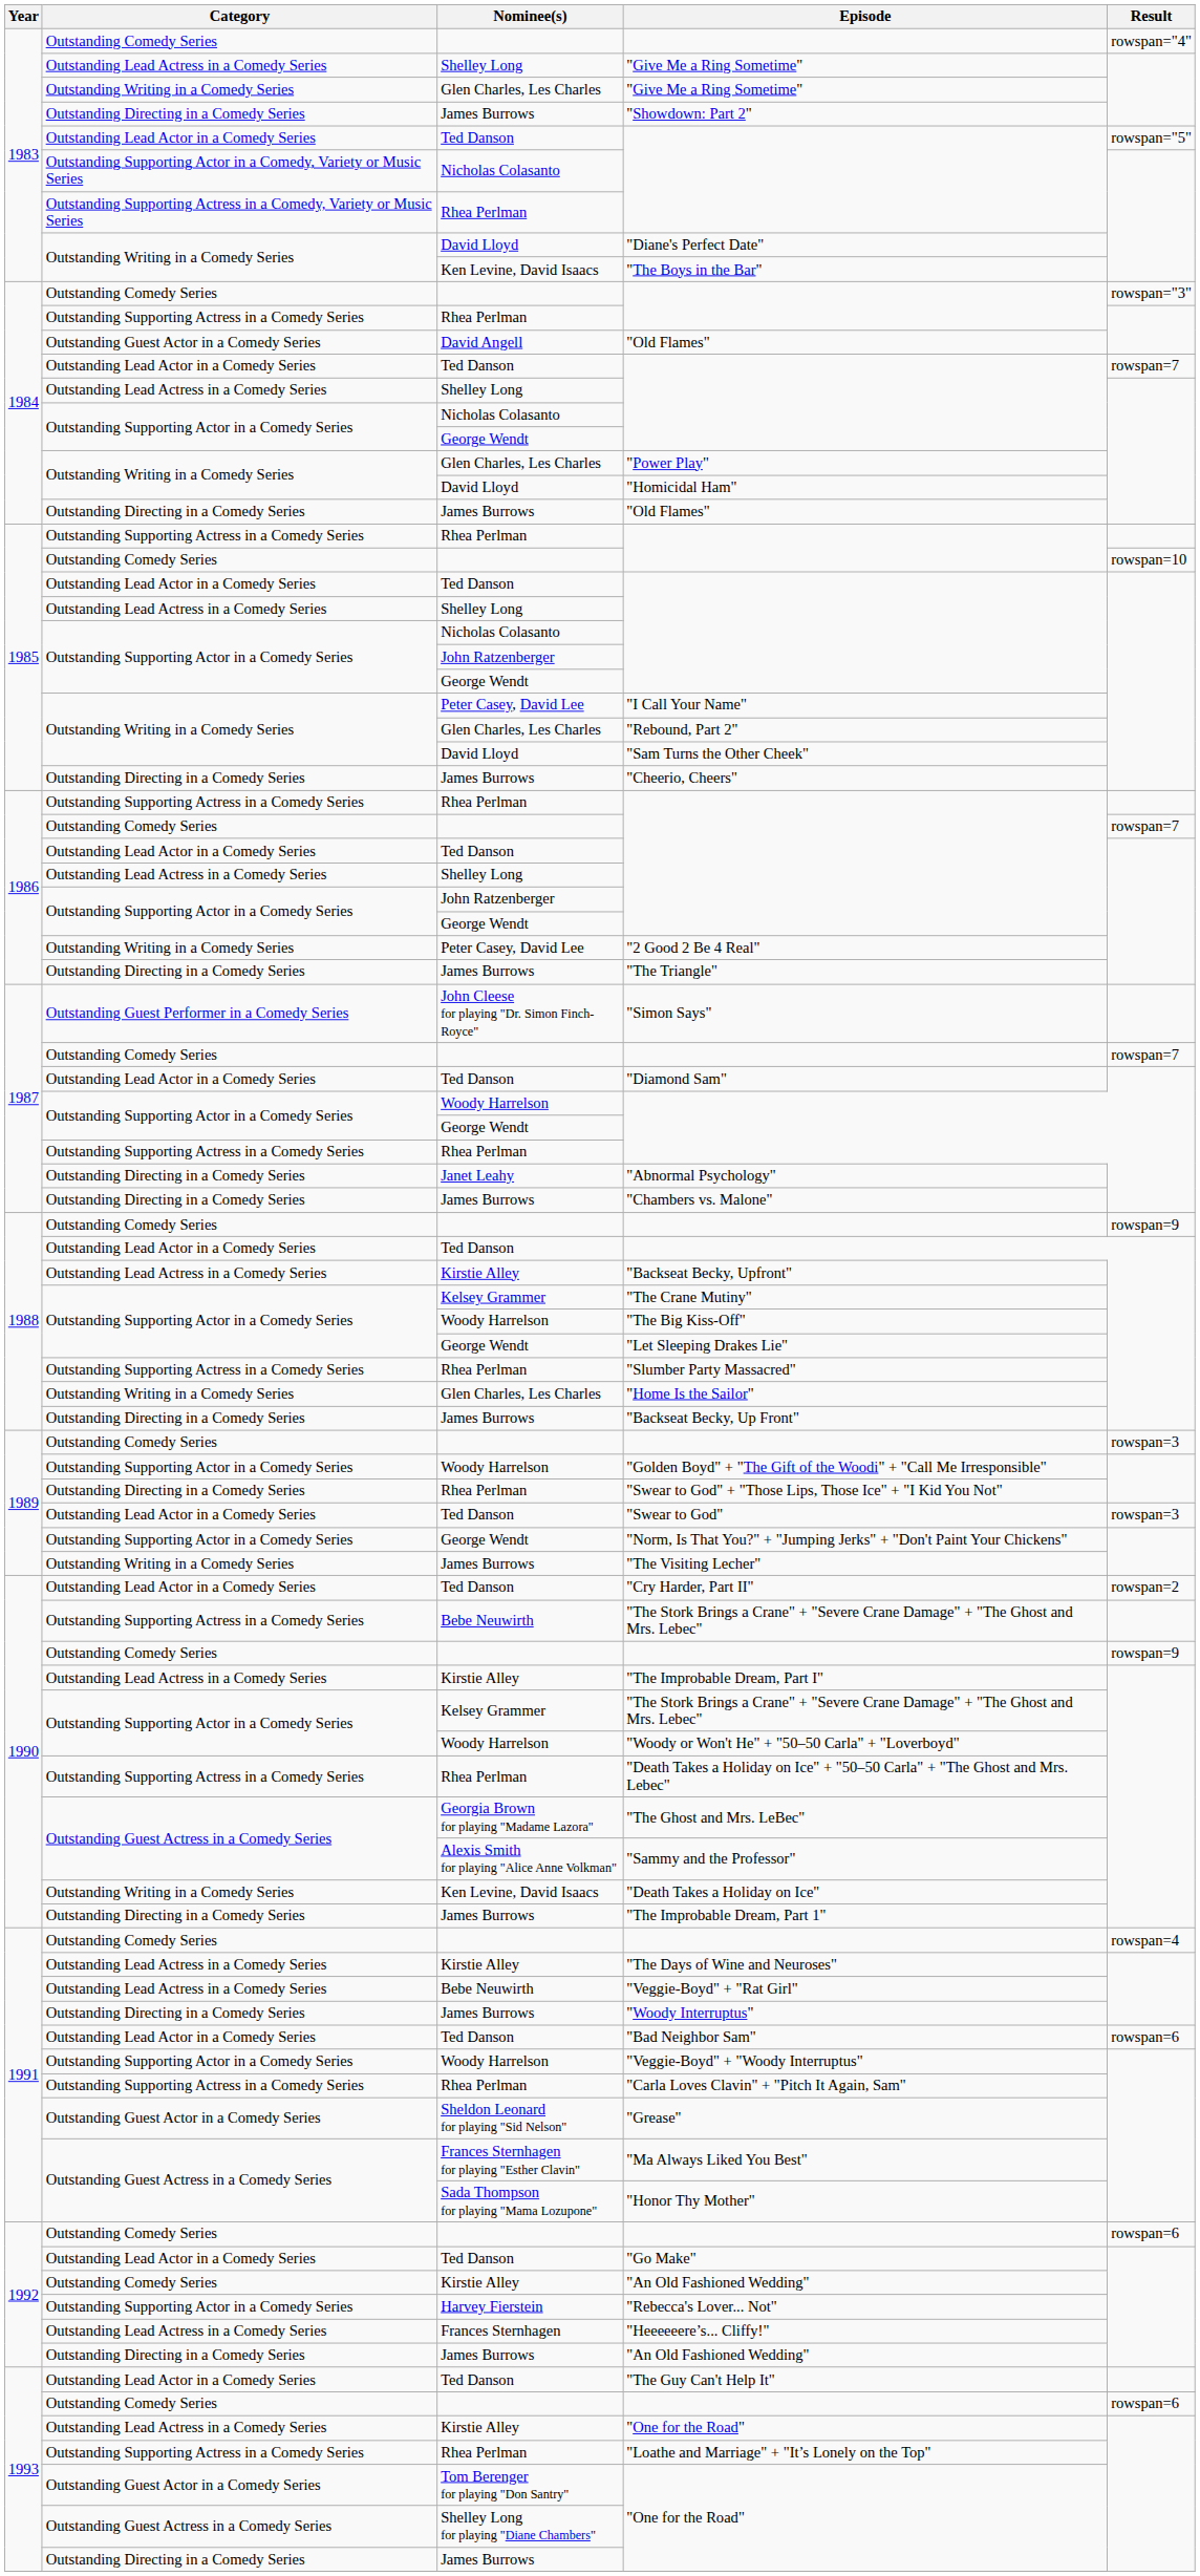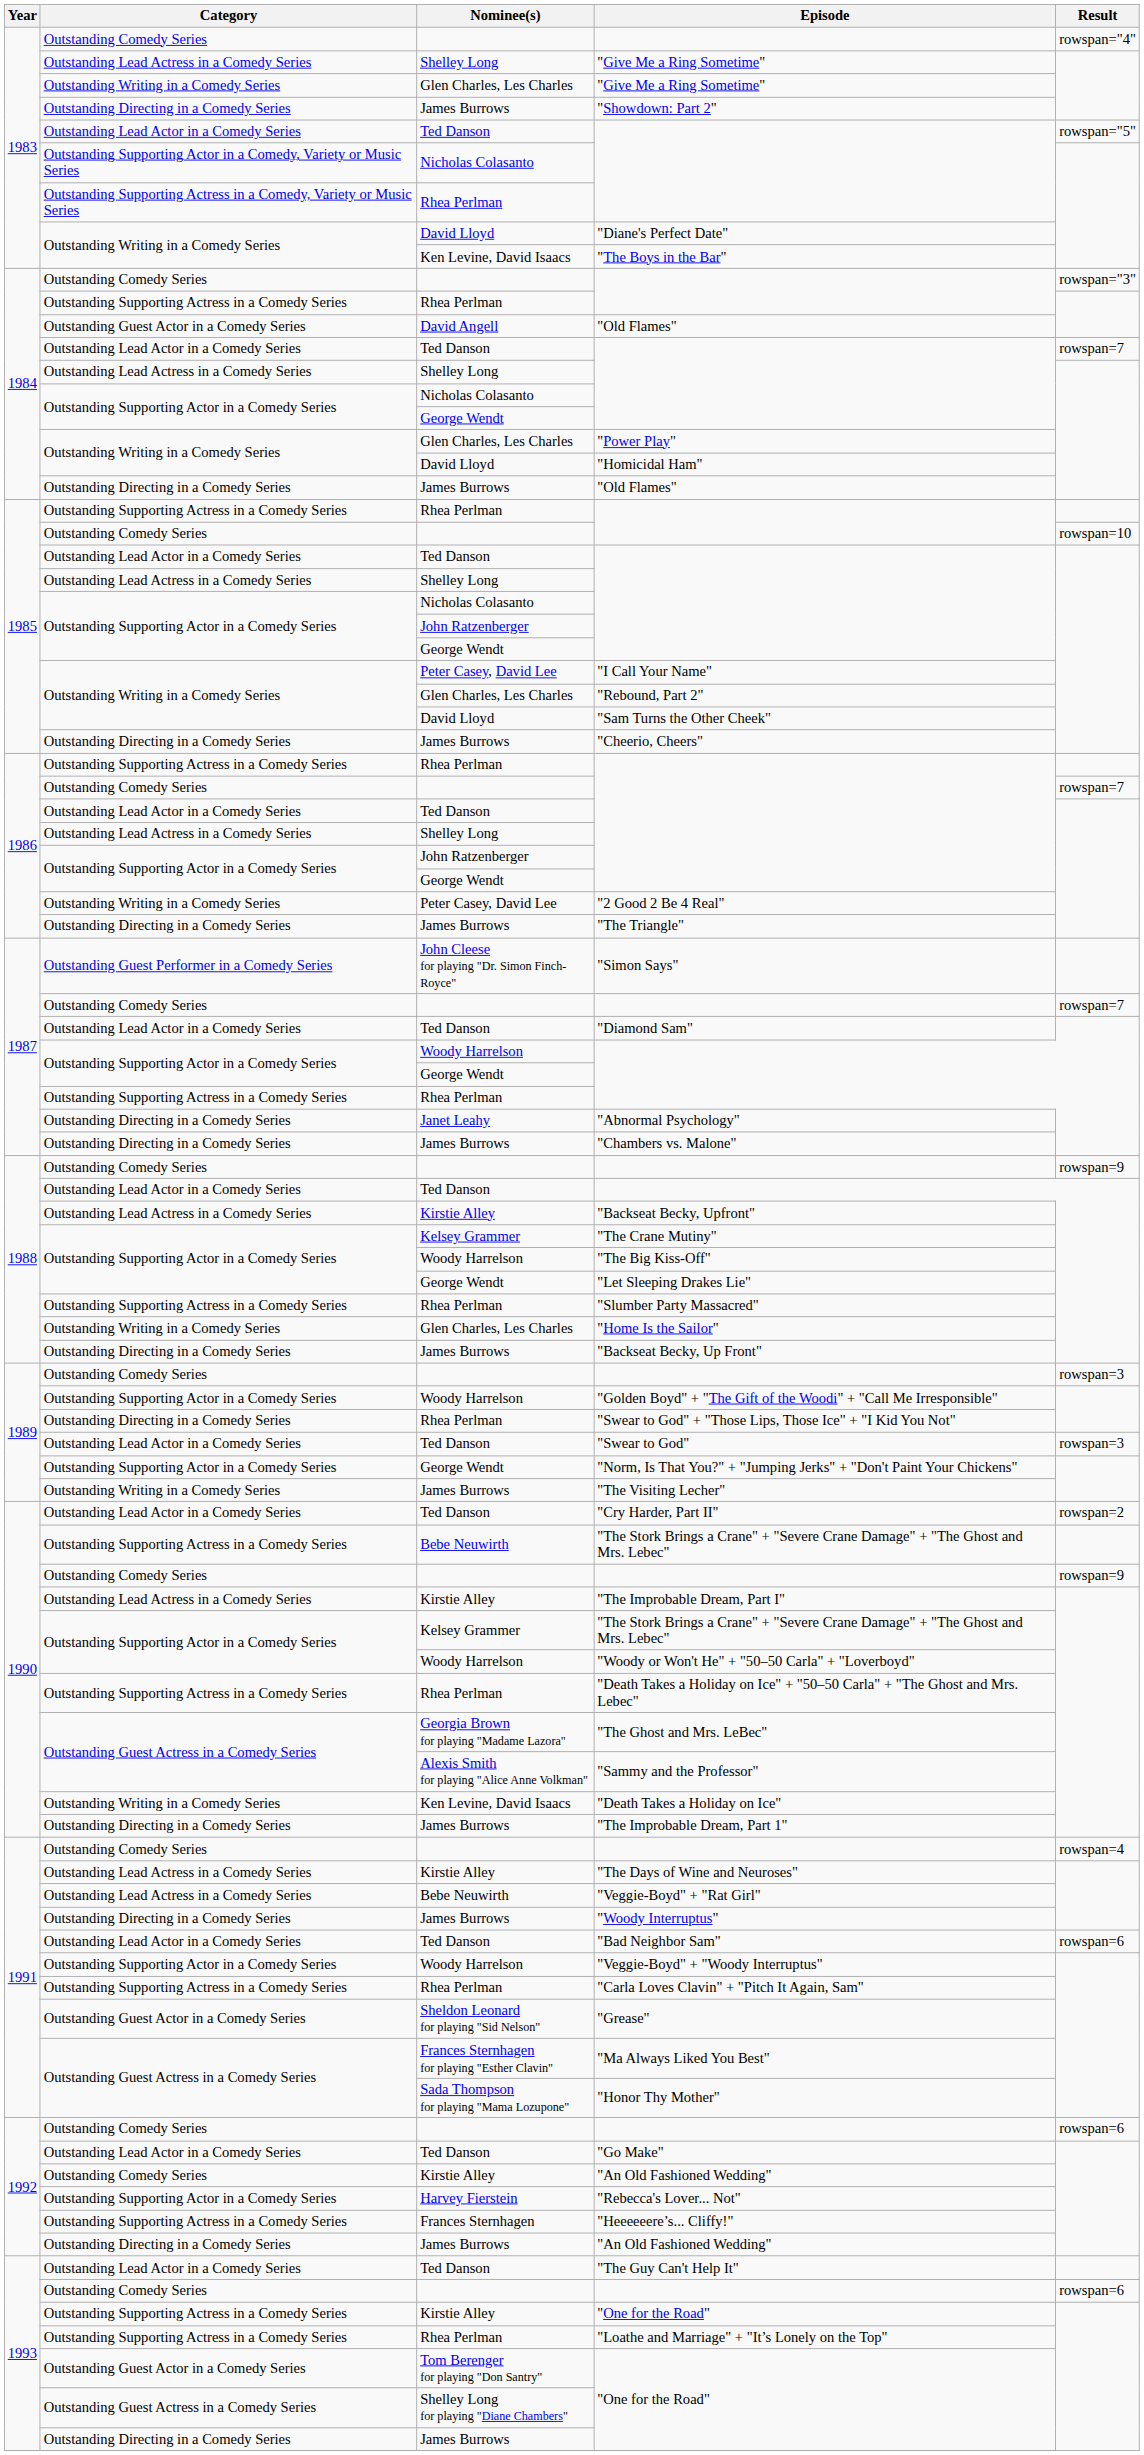 <table class="wikitable">
 <tr>
 <th>Year</th>
 <th>Category</th>
 <th>Nominee(s)</th>
 <th>Episode</th>
 <th>Result</th>
 </tr>
 <tr>
 <td rowspan="9"><a href='#'>1983</a></td>
 <td><a href='#'>Outstanding Comedy Series</a></td>
 <td></td>
 <td></td>
 <td>rowspan="4" </td>
 </tr>
 <tr>
 <td><a href='#'>Outstanding Lead Actress in a Comedy Series</a></td>
 <td><a href='#'>Shelley Long</a></td>
 <td>"<a href='#'>Give Me a Ring Sometime</a>"</td>
 </tr>
 <tr>
 <td><a href='#'>Outstanding Writing in a Comedy Series</a></td>
 <td>Glen Charles, Les Charles</td>
 <td>"<a href='#'>Give Me a Ring Sometime</a>"</td>
 </tr>
 <tr>
 <td><a href='#'>Outstanding Directing in a Comedy Series</a></td>
 <td>James Burrows</td>
 <td>"<a href='#'>Showdown: Part 2</a>"</td>
 </tr>
 <tr>
 <td><a href='#'>Outstanding Lead Actor in a Comedy Series</a></td>
 <td><a href='#'>Ted Danson</a></td>
 <td rowspan="3"></td>
 <td>rowspan="5" </td>
 </tr>
 <tr>
 <td><a href='#'>Outstanding Supporting Actor in a Comedy, Variety or Music Series</a></td>
 <td><a href='#'>Nicholas Colasanto</a></td>
 </tr>
 <tr>
 <td><a href='#'>Outstanding Supporting Actress in a Comedy, Variety or Music Series</a></td>
 <td><a href='#'>Rhea Perlman</a></td>
 </tr>
 <tr>
 <td rowspan=2>Outstanding Writing in a Comedy Series</td>
 <td><a href='#'>David Lloyd</a></td>
 <td>"Diane's Perfect Date"</td>
 </tr>
 <tr>
 <td>Ken Levine, David Isaacs</td>
 <td>"<a href='#'>The Boys in the Bar</a>"</td>
 </tr>
 <tr>
 <td rowspan="10"><a href='#'>1984</a></td>
 <td>Outstanding Comedy Series</td>
 <td></td>
 <td rowspan="2"></td>
 <td>rowspan="3" </td>
 </tr>
 <tr>
 <td>Outstanding Supporting Actress in a Comedy Series</td>
 <td>Rhea Perlman</td>
 </tr>
 <tr>
 <td>Outstanding Guest Actor in a Comedy Series</td>
 <td><a href='#'>David Angell</a></td>
 <td>"Old Flames"</td>
 </tr>
 <tr>
 <td>Outstanding Lead Actor in a Comedy Series</td>
 <td>Ted Danson</td>
 <td rowspan=4></td>
 <td>rowspan=7 </td>
 </tr>
 <tr>
 <td>Outstanding Lead Actress in a Comedy Series</td>
 <td>Shelley Long</td>
 </tr>
 <tr>
 <td rowspan=2>Outstanding Supporting Actor in a Comedy Series</td>
 <td>Nicholas Colasanto</td>
 </tr>
 <tr>
 <td><a href='#'>George Wendt</a></td>
 </tr>
 <tr>
 <td rowspan=2>Outstanding Writing in a Comedy Series</td>
 <td>Glen Charles, Les Charles</td>
 <td>"<a href='#'>Power Play</a>"</td>
 </tr>
 <tr>
 <td>David Lloyd</td>
 <td>"Homicidal Ham"</td>
 </tr>
 <tr>
 <td>Outstanding Directing in a Comedy Series</td>
 <td>James Burrows</td>
 <td>"Old Flames"</td>
 </tr>
 <tr>
 <td rowspan=11><a href='#'>1985</a></td>
 <td>Outstanding Supporting Actress in a Comedy Series</td>
 <td>Rhea Perlman</td>
 <td rowspan=2></td>
 <td></td>
 </tr>
 <tr>
 <td>Outstanding Comedy Series</td>
 <td></td>
 <td>rowspan=10 </td>
 </tr>
 <tr>
 <td>Outstanding Lead Actor in a Comedy Series</td>
 <td>Ted Danson</td>
 <td rowspan=5></td>
 </tr>
 <tr>
 <td>Outstanding Lead Actress in a Comedy Series</td>
 <td>Shelley Long</td>
 </tr>
 <tr>
 <td rowspan=3>Outstanding Supporting Actor in a Comedy Series</td>
 <td>Nicholas Colasanto</td>
 </tr>
 <tr>
 <td><a href='#'>John Ratzenberger</a></td>
 </tr>
 <tr>
 <td>George Wendt</td>
 </tr>
 <tr>
 <td rowspan=3>Outstanding Writing in a Comedy Series</td>
 <td><a href='#'>Peter Casey</a>, <a href='#'>David Lee</a></td>
 <td>"I Call Your Name"</td>
 </tr>
 <tr>
 <td>Glen Charles, Les Charles</td>
 <td>"Rebound, Part 2"</td>
 </tr>
 <tr>
 <td>David Lloyd</td>
 <td>"Sam Turns the Other Cheek"</td>
 </tr>
 <tr>
 <td>Outstanding Directing in a Comedy Series</td>
 <td>James Burrows</td>
 <td>"Cheerio, Cheers"</td>
 </tr>
 <tr>
 <td rowspan=8><a href='#'>1986</a></td>
 <td>Outstanding Supporting Actress in a Comedy Series</td>
 <td>Rhea Perlman</td>
 <td rowspan=6></td>
 <td></td>
 </tr>
 <tr>
 <td>Outstanding Comedy Series</td>
 <td></td>
 <td>rowspan=7 </td>
 </tr>
 <tr>
 <td>Outstanding Lead Actor in a Comedy Series</td>
 <td>Ted Danson</td>
 </tr>
 <tr>
 <td>Outstanding Lead Actress in a Comedy Series</td>
 <td>Shelley Long</td>
 </tr>
 <tr>
 <td rowspan=2>Outstanding Supporting Actor in a Comedy Series</td>
 <td>John Ratzenberger</td>
 </tr>
 <tr>
 <td>George Wendt</td>
 </tr>
 <tr>
 <td>Outstanding Writing in a Comedy Series</td>
 <td>Peter Casey, David Lee</td>
 <td>"2 Good 2 Be 4 Real"</td>
 </tr>
 <tr>
 <td>Outstanding Directing in a Comedy Series</td>
 <td>James Burrows</td>
 <td>"The Triangle"</td>
 </tr>
 <tr>
 <td rowspan=8><a href='#'>1987</a></td>
 <td><a href='#'>Outstanding Guest Performer in a Comedy Series</a></td>
 <td><a href='#'>John Cleese</a><br><small>for playing "Dr. Simon Finch-Royce"</small></td>
 <td>"Simon Says"</td>
 <td></td>
 </tr>
 <tr>
 <td>Outstanding Comedy Series</td>
 <td></td>
 <td></td>
 <td>rowspan=7 </td>
 </tr>
 <tr>
 <td>Outstanding Lead Actor in a Comedy Series</td>
 <td>Ted Danson</td>
 <td>"Diamond Sam"</td>
 </tr>
 <tr>
 <td rowspan=2>Outstanding Supporting Actor in a Comedy Series</td>
 <td><a href='#'>Woody Harrelson</a></td>
 </tr>
 <tr>
 <td>George Wendt</td>
 </tr>
 <tr>
 <td>Outstanding Supporting Actress in a Comedy Series</td>
 <td>Rhea Perlman</td>
 </tr>
 <tr>
 <td>Outstanding Directing in a Comedy Series</td>
 <td><a href='#'>Janet Leahy</a></td>
 <td>"Abnormal Psychology"</td>
 </tr>
 <tr>
 <td>Outstanding Directing in a Comedy Series</td>
 <td>James Burrows</td>
 <td>"Chambers vs. Malone"</td>
 </tr>
 <tr>
 <td rowspan=9><a href='#'>1988</a></td>
 <td>Outstanding Comedy Series</td>
 <td></td>
 <td></td>
 <td>rowspan=9 </td>
 </tr>
 <tr>
 <td>Outstanding Lead Actor in a Comedy Series</td>
 <td>Ted Danson</td>
 </tr>
 <tr>
 <td>Outstanding Lead Actress in a Comedy Series</td>
 <td><a href='#'>Kirstie Alley</a></td>
 <td>"Backseat Becky, Upfront"</td>
 </tr>
 <tr>
 <td rowspan=3>Outstanding Supporting Actor in a Comedy Series</td>
 <td><a href='#'>Kelsey Grammer</a></td>
 <td>"The Crane Mutiny"</td>
 </tr>
 <tr>
 <td>Woody Harrelson</td>
 <td>"The Big Kiss-Off"</td>
 </tr>
 <tr>
 <td>George Wendt</td>
 <td>"Let Sleeping Drakes Lie"</td>
 </tr>
 <tr>
 <td>Outstanding Supporting Actress in a Comedy Series</td>
 <td>Rhea Perlman</td>
 <td>"Slumber Party Massacred"</td>
 </tr>
 <tr>
 <td>Outstanding Writing in a Comedy Series</td>
 <td>Glen Charles, Les Charles</td>
 <td>"<a href='#'>Home Is the Sailor</a>"</td>
 </tr>
 <tr>
 <td>Outstanding Directing in a Comedy Series</td>
 <td>James Burrows</td>
 <td>"Backseat Becky, Up Front"</td>
 </tr>
 <tr>
 <td rowspan=6><a href='#'>1989</a></td>
 <td>Outstanding Comedy Series</td>
 <td></td>
 <td></td>
 <td>rowspan=3 </td>
 </tr>
 <tr>
 <td>Outstanding Supporting Actor in a Comedy Series</td>
 <td>Woody Harrelson</td>
 <td>"Golden Boyd" + "<a href='#'>The Gift of the Woodi</a>" + "Call Me Irresponsible"</td>
 </tr>
 <tr>
 <td>Outstanding Directing in a Comedy Series</td>
 <td>Rhea Perlman</td>
 <td>"Swear to God" + "Those Lips, Those Ice" + "I Kid You Not"</td>
 </tr>
 <tr>
 <td>Outstanding Lead Actor in a Comedy Series</td>
 <td>Ted Danson</td>
 <td>"Swear to God"</td>
 <td>rowspan=3 </td>
 </tr>
 <tr>
 <td>Outstanding Supporting Actor in a Comedy Series</td>
 <td>George Wendt</td>
 <td>"Norm, Is That You?" + "Jumping Jerks" + "Don't Paint Your Chickens"</td>
 </tr>
 <tr>
 <td>Outstanding Writing in a Comedy Series</td>
 <td>James Burrows</td>
 <td>"The Visiting Lecher"</td>
 </tr>
 <tr>
 <td rowspan=11><a href='#'>1990</a></td>
 <td>Outstanding Lead Actor in a Comedy Series</td>
 <td>Ted Danson</td>
 <td>"Cry Harder, Part II"</td>
 <td>rowspan=2 </td>
 </tr>
 <tr>
 <td>Outstanding Supporting Actress in a Comedy Series</td>
 <td><a href='#'>Bebe Neuwirth</a></td>
 <td>"The Stork Brings a Crane" + "Severe Crane Damage" + "The Ghost and Mrs. Lebec"</td>
 </tr>
 <tr>
 <td>Outstanding Comedy Series</td>
 <td></td>
 <td></td>
 <td>rowspan=9 </td>
 </tr>
 <tr>
 <td>Outstanding Lead Actress in a Comedy Series</td>
 <td>Kirstie Alley</td>
 <td>"The Improbable Dream, Part I"</td>
 </tr>
 <tr>
 <td rowspan=2>Outstanding Supporting Actor in a Comedy Series</td>
 <td>Kelsey Grammer</td>
 <td>"The Stork Brings a Crane" + "Severe Crane Damage" + "The Ghost and Mrs. Lebec"</td>
 </tr>
 <tr>
 <td>Woody Harrelson</td>
 <td>"Woody or Won't He" + "50–50 Carla" + "Loverboyd"</td>
 </tr>
 <tr>
 <td>Outstanding Supporting Actress in a Comedy Series</td>
 <td>Rhea Perlman</td>
 <td>"Death Takes a Holiday on Ice" + "50–50 Carla" + "The Ghost and Mrs. Lebec"</td>
 </tr>
 <tr>
 <td rowspan=2><a href='#'>Outstanding Guest Actress in a Comedy Series</a></td>
 <td><a href='#'>Georgia Brown</a><br><small>for playing "Madame Lazora"</small></td>
 <td>"The Ghost and Mrs. LeBec"</td>
 </tr>
 <tr>
 <td><a href='#'>Alexis Smith</a><br><small>for playing "Alice Anne Volkman"</small></td>
 <td>"Sammy and the Professor"</td>
 </tr>
 <tr>
 <td>Outstanding Writing in a Comedy Series</td>
 <td>Ken Levine, David Isaacs</td>
 <td>"Death Takes a Holiday on Ice"</td>
 </tr>
 <tr>
 <td>Outstanding Directing in a Comedy Series</td>
 <td>James Burrows</td>
 <td>"The Improbable Dream, Part 1"</td>
 </tr>
 <tr>
 <td rowspan=10><a href='#'>1991</a></td>
 <td>Outstanding Comedy Series</td>
 <td></td>
 <td></td>
 <td>rowspan=4 </td>
 </tr>
 <tr>
 <td>Outstanding Lead Actress in a Comedy Series</td>
 <td>Kirstie Alley</td>
 <td>"The Days of Wine and Neuroses"</td>
 </tr>
 <tr>
 <td>Outstanding Lead Actress in a Comedy Series</td>
 <td>Bebe Neuwirth</td>
 <td>"Veggie-Boyd" + "Rat Girl"</td>
 </tr>
 <tr>
 <td>Outstanding Directing in a Comedy Series</td>
 <td>James Burrows</td>
 <td>"<a href='#'>Woody Interruptus</a>"</td>
 </tr>
 <tr>
 <td>Outstanding Lead Actor in a Comedy Series</td>
 <td>Ted Danson</td>
 <td>"Bad Neighbor Sam"</td>
 <td>rowspan=6 </td>
 </tr>
 <tr>
 <td>Outstanding Supporting Actor in a Comedy Series</td>
 <td>Woody Harrelson</td>
 <td>"Veggie-Boyd" + "Woody Interruptus"</td>
 </tr>
 <tr>
 <td>Outstanding Supporting Actress in a Comedy Series</td>
 <td>Rhea Perlman</td>
 <td>"Carla Loves Clavin" + "Pitch It Again, Sam"</td>
 </tr>
 <tr>
 <td>Outstanding Guest Actor in a Comedy Series</td>
 <td><a href='#'>Sheldon Leonard</a><br><small>for playing "Sid Nelson"</small></td>
 <td>"Grease"</td>
 </tr>
 <tr>
 <td rowspan=2>Outstanding Guest Actress in a Comedy Series</td>
 <td><a href='#'>Frances Sternhagen</a><br><small>for playing "Esther Clavin"</small></td>
 <td>"Ma Always Liked You Best"</td>
 </tr>
 <tr>
 <td><a href='#'>Sada Thompson</a><br><small>for playing "Mama Lozupone"</small></td>
 <td>"Honor Thy Mother"</td>
 </tr>
 <tr>
 <td rowspan=6><a href='#'>1992</a></td>
 <td>Outstanding Comedy Series</td>
 <td></td>
 <td></td>
 <td>rowspan=6 </td>
 </tr>
 <tr>
 <td>Outstanding Lead Actor in a Comedy Series</td>
 <td>Ted Danson</td>
 <td>"Go Make"</td>
 </tr>
 <tr>
 <td>Outstanding Comedy Series</td>
 <td>Kirstie Alley</td>
 <td>"An Old Fashioned Wedding"</td>
 </tr>
 <tr>
 <td>Outstanding Supporting Actor in a Comedy Series</td>
 <td><a href='#'>Harvey Fierstein</a></td>
 <td>"Rebecca's Lover... Not"</td>
 </tr>
 <tr>
-<td>Outstanding Lead Actress in a Comedy Series</td>
+<td>Outstanding Supporting Actress in a Comedy Series</td>
 <td>Frances Sternhagen</td>
 <td>"Heeeeeere’s... Cliffy!"</td>
 </tr>
 <tr>
 <td>Outstanding Directing in a Comedy Series</td>
 <td>James Burrows</td>
 <td>"An Old Fashioned Wedding"</td>
 </tr>
 <tr>
 <td rowspan=7><a href='#'>1993</a></td>
 <td>Outstanding Lead Actor in a Comedy Series</td>
 <td>Ted Danson</td>
 <td>"The Guy Can't Help It"</td>
 <td></td>
 </tr>
 <tr>
 <td>Outstanding Comedy Series</td>
 <td></td>
 <td></td>
 <td>rowspan=6 </td>
 </tr>
 <tr>
-<td>Outstanding Lead Actress in a Comedy Series</td>
+<td>Outstanding Supporting Actress in a Comedy Series</td>
 <td>Kirstie Alley</td>
 <td>"<a href='#'>One for the Road</a>"</td>
 </tr>
 <tr>
 <td>Outstanding Supporting Actress in a Comedy Series</td>
 <td>Rhea Perlman</td>
 <td>"Loathe and Marriage" + "It’s Lonely on the Top"</td>
 </tr>
 <tr>
 <td>Outstanding Guest Actor in a Comedy Series</td>
 <td><a href='#'>Tom Berenger</a><br><small>for playing "Don Santry"</small></td>
 <td rowspan=3>"One for the Road"</td>
 </tr>
 <tr>
 <td>Outstanding Guest Actress in a Comedy Series</td>
 <td>Shelley Long<br><small>for playing "<a href='#'>Diane Chambers</a>"</small></td>
 </tr>
 <tr>
 <td>Outstanding Directing in a Comedy Series</td>
 <td>James Burrows</td>
 </tr>
 <tr>
 </tr>
 </table>
